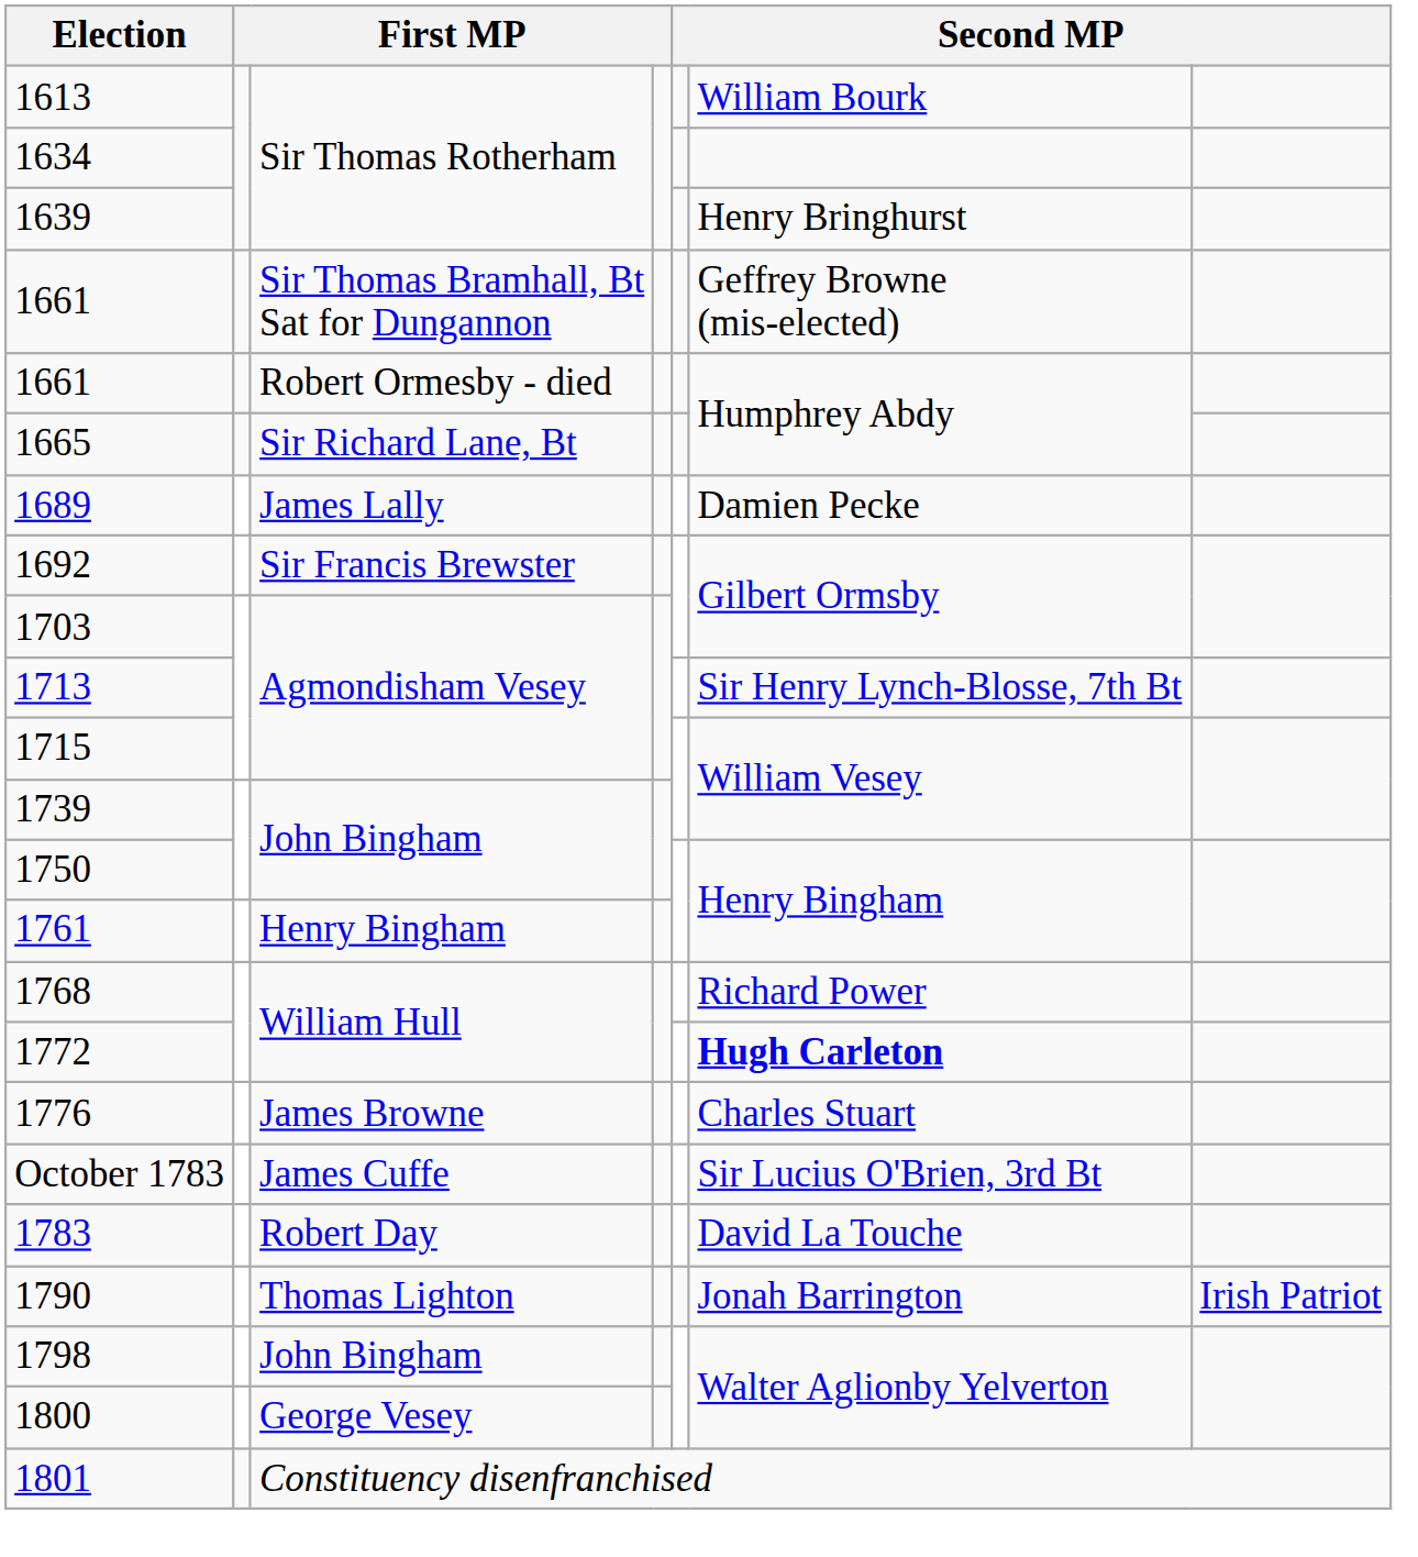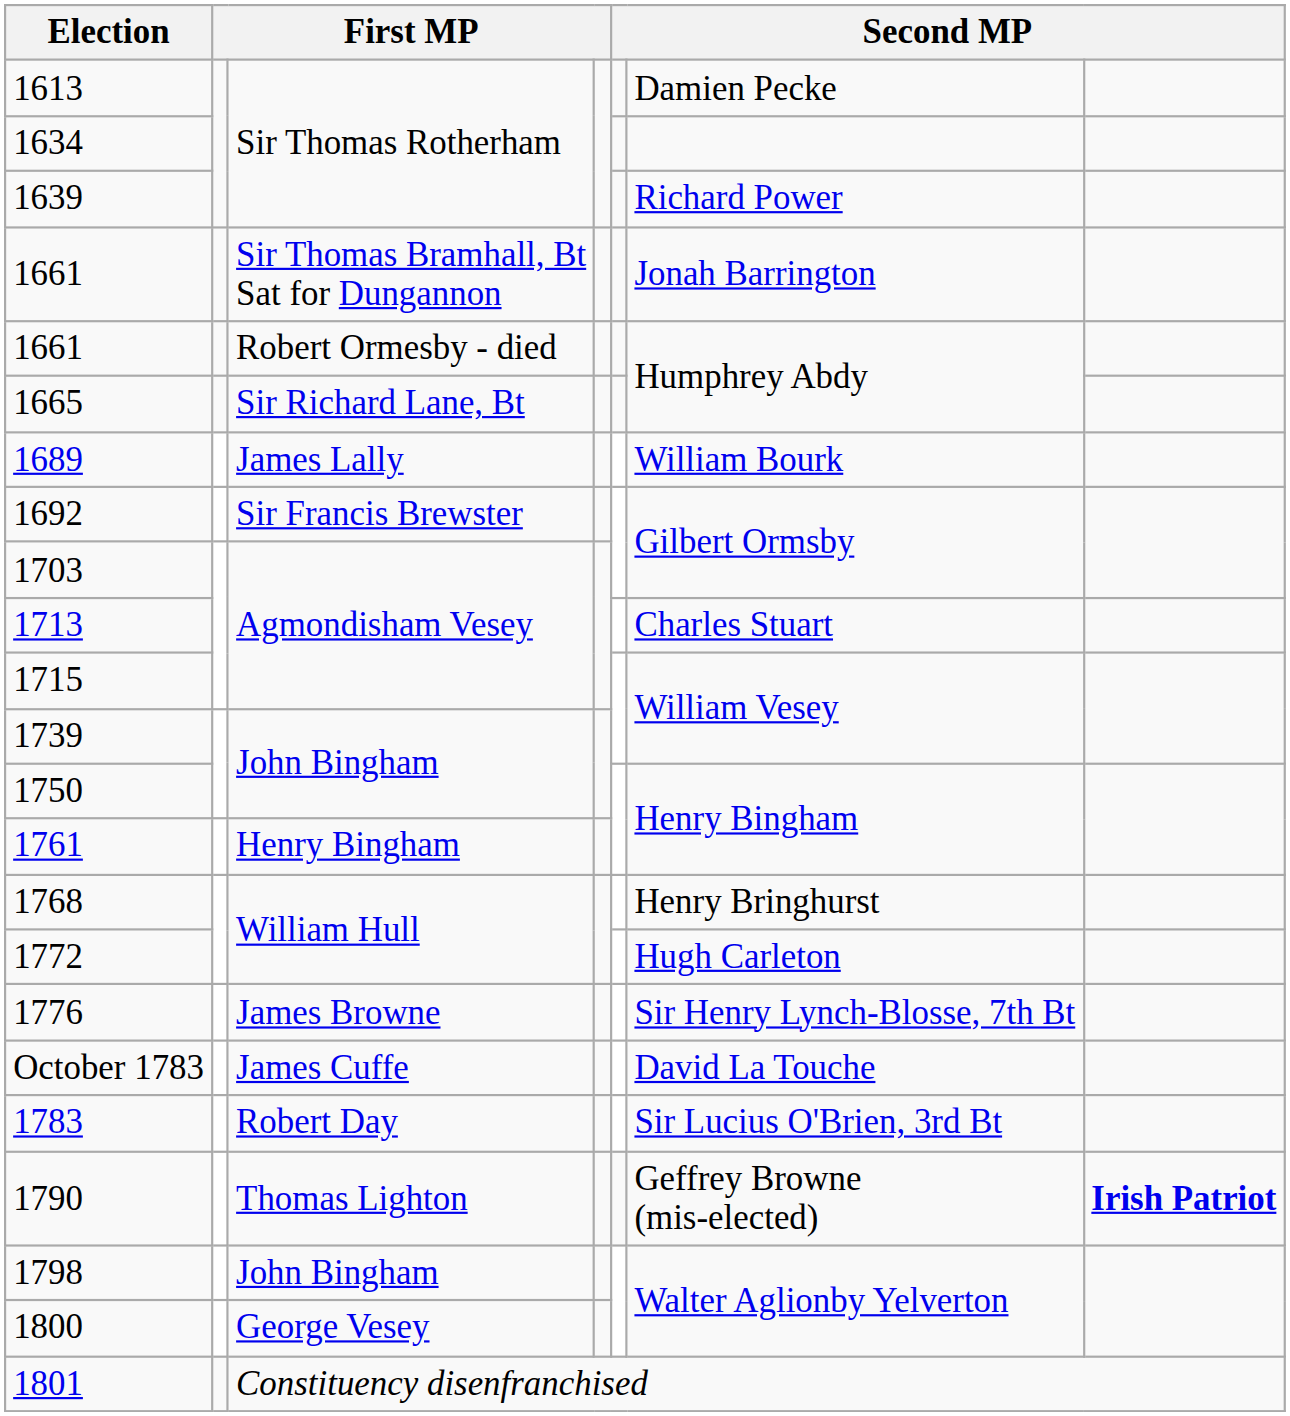 <table class="wikitable">
 <tr>
 <th>Election</th>
 <th colspan=3>First MP</th>
 <th colspan=3>Second MP</th>
 </tr>
 <tr>
 <td>1613</td>
 <td rowspan=3></td>
 <td rowspan=3>Sir Thomas Rotherham</td>
 <td rowspan=3></td>
 <td></td>
-<td><a href='#'>William Bourk</a></td>
+<td>Damien Pecke</td>
 <td></td>
 </tr>
 <tr>
 <td>1634</td>
 <td></td>
 <td></td>
 <td></td>
 </tr>
 <tr>
 <td>1639</td>
 <td></td>
-<td>Henry Bringhurst</td>
+<td><a href='#'>Richard Power</a></td>
 <td></td>
 </tr>
 <tr>
 <td>1661</td>
 <td></td>
 <td><a href='#'>Sir Thomas Bramhall, Bt</a><br>Sat for <a href='#'>Dungannon</a></td>
 <td></td>
 <td></td>
-<td>Geffrey Browne<br>(mis-elected)</td>
+<td><a href='#'>Jonah Barrington</a></td>
 <td></td>
 </tr>
 <tr>
 <td>1661</td>
 <td></td>
 <td>Robert Ormesby - died</td>
 <td></td>
 <td></td>
 <td rowspan="2">Humphrey Abdy</td>
 <td></td>
 </tr>
 <tr>
 <td>1665</td>
 <td></td>
 <td><a href='#'>Sir Richard Lane, Bt</a></td>
 <td></td>
 </tr>
 <tr>
 <td><a href='#'>1689</a></td>
 <td style="background-color: white"></td>
 <td><a href='#'>James Lally</a></td>
 <td></td>
 <td style="background-color: white"></td>
-<td>Damien Pecke</td>
+<td><a href='#'>William Bourk</a></td>
 <td></td>
 </tr>
 <tr>
 <td>1692</td>
 <td style="background-color: white"></td>
 <td><a href='#'>Sir Francis Brewster</a></td>
 <td></td>
 <td rowspan="2" style="background-color: white"></td>
 <td rowspan="2"><a href='#'>Gilbert Ormsby</a></td>
 <td rowspan="2"></td>
 </tr>
 <tr>
 <td>1703</td>
 <td rowspan="3" style="background-color: white"></td>
 <td rowspan="3"><a href='#'>Agmondisham Vesey</a></td>
 <td rowspan="3"></td>
 </tr>
 <tr>
 <td><a href='#'>1713</a></td>
 <td style="background-color: white"></td>
-<td><a href='#'>Sir Henry Lynch-Blosse, 7th Bt</a></td>
+<td><a href='#'>Charles Stuart</a></td>
 <td></td>
 </tr>
 <tr>
 <td>1715</td>
 <td rowspan="2" style="background-color: white"></td>
 <td rowspan="2"><a href='#'>William Vesey</a></td>
 <td rowspan="2"></td>
 </tr>
 <tr>
 <td>1739</td>
 <td rowspan="2" style="background-color: white"></td>
 <td rowspan="2"><a href='#'>John Bingham</a></td>
 <td rowspan="2"></td>
 </tr>
 <tr>
 <td>1750</td>
 <td rowspan="2" style="background-color: white"></td>
 <td rowspan="2"><a href='#'>Henry Bingham</a></td>
 <td rowspan="2"></td>
 </tr>
 <tr>
 <td><a href='#'>1761</a></td>
 <td style="background-color: white"></td>
 <td><a href='#'>Henry Bingham</a></td>
 <td></td>
 </tr>
 <tr>
 <td>1768</td>
 <td rowspan="2" style="background-color: white"></td>
 <td rowspan="2"><a href='#'>William Hull</a></td>
 <td rowspan="2"></td>
 <td style="background-color: white"></td>
-<td><a href='#'>Richard Power</a></td>
+<td>Henry Bringhurst</td>
 <td></td>
 </tr>
 <tr>
 <td>1772</td>
 <td style="background-color: white"></td>
-<td><strong><a href='#'>Hugh Carleton</a></strong></td>
+<td><a href='#'>Hugh Carleton</a></td>
 <td></td>
 </tr>
 <tr>
 <td>1776</td>
 <td style="background-color: white"></td>
 <td><a href='#'>James Browne</a></td>
 <td></td>
 <td style="background-color: white"></td>
-<td><a href='#'>Charles Stuart</a></td>
+<td><a href='#'>Sir Henry Lynch-Blosse, 7th Bt</a></td>
 <td></td>
 </tr>
 <tr>
 <td>October 1783</td>
 <td style="background-color: white"></td>
 <td><a href='#'>James Cuffe</a></td>
 <td></td>
 <td style="background-color: white"></td>
-<td><a href='#'>Sir Lucius O'Brien, 3rd Bt</a></td>
+<td><a href='#'>David La Touche</a></td>
 <td></td>
 </tr>
 <tr>
 <td><a href='#'>1783</a></td>
 <td style="background-color: white"></td>
 <td><a href='#'>Robert Day</a></td>
 <td></td>
 <td style="background-color: white"></td>
-<td><a href='#'>David La Touche</a></td>
+<td><a href='#'>Sir Lucius O'Brien, 3rd Bt</a></td>
 <td></td>
 </tr>
 <tr>
 <td>1790</td>
 <td style="background-color: white"></td>
 <td><a href='#'>Thomas Lighton</a></td>
 <td></td>
 <td style="background-color: "></td>
-<td><a href='#'>Jonah Barrington</a></td>
-<td><a href='#'>Irish Patriot</a></td>
+<td>Geffrey Browne<br>(mis-elected)</td>
+<td><strong><a href='#'>Irish Patriot</a></strong></td>
 </tr>
 <tr>
 <td>1798</td>
 <td style="background-color: white"></td>
 <td><a href='#'>John Bingham</a></td>
 <td></td>
 <td rowspan="2" style="background-color: white"></td>
 <td rowspan="2"><a href='#'>Walter Aglionby Yelverton</a></td>
 <td rowspan="2"></td>
 </tr>
 <tr>
 <td>1800</td>
 <td style="background-color: white"></td>
 <td><a href='#'>George Vesey</a></td>
 <td></td>
 </tr>
 <tr>
 <td><a href='#'>1801</a></td>
 <td></td>
 <td colspan = "6"><em>Constituency disenfranchised</em></td>
 </tr>
 </table>
